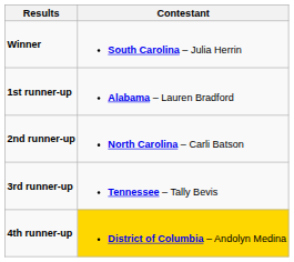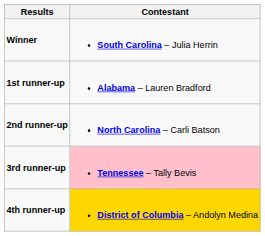 <table class="wikitable" style="font-size:90%;">
 <tr>
 <th>Results</th>
 <th>Contestant</th>
 </tr>
 <tr>
 <td><strong>Winner</strong></td>
 <td><br><ul><li> <strong><a href='#'>South Carolina</a></strong> – Julia Herrin</li></ul></td>
 </tr>
 <tr>
 <td><strong>1st runner-up</strong></td>
 <td><br><ul><li> <strong><a href='#'>Alabama</a></strong> – Lauren Bradford</li></ul></td>
 </tr>
 <tr>
 <td><strong>2nd runner-up</strong></td>
 <td><br><ul><li> <strong><a href='#'>North Carolina</a></strong> – Carli Batson</li></ul></td>
 </tr>
 <tr>
 <td><strong>3rd runner-up</strong></td>
-<td><br><ul><li> <strong><a href='#'>Tennessee</a></strong> – Tally Bevis</li></ul></td>
+<td style="background: pink;"><br><ul><li> <strong><a href='#'>Tennessee</a></strong> – Tally Bevis</li></ul></td>
 </tr>
 <tr>
 <td><strong>4th runner-up</strong></td>
 <td style="background: gold;"><br><ul><li> <strong><a href='#'>District of Columbia</a></strong> – Andolyn Medina</li></ul></td>
 </tr>
 </table>
